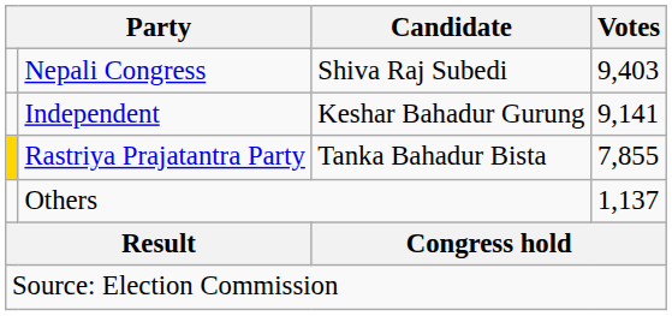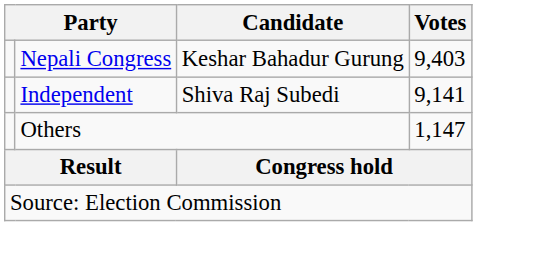 <table class="wikitable">
 <tr>
 <th colspan="2">Party</th>
 <th>Candidate</th>
 <th>Votes</th>
 </tr>
 <tr>
 <td style="background-color:"></td>
 <td><a href='#'>Nepali Congress</a></td>
-<td>Shiva Raj Subedi</td>
+<td>Keshar Bahadur Gurung</td>
 <td>9,403</td>
 </tr>
 <tr>
 <td style="background-color:"></td>
 <td><a href='#'>Independent</a></td>
-<td>Keshar Bahadur Gurung</td>
+<td>Shiva Raj Subedi</td>
 <td>9,141</td>
-</tr>
-<tr>
-<td style="background-color:gold"></td>
-<td><a href='#'>Rastriya Prajatantra Party</a></td>
-<td>Tanka Bahadur Bista</td>
-<td>7,855</td>
 </tr>
 <tr>
 <td></td>
 <td colspan="2">Others</td>
-<td>1,137</td>
+<td>1,147</td>
 </tr>
 <tr>
 <th colspan="2">Result</th>
 <th colspan="2">Congress hold</th>
 </tr>
 <tr>
 <td colspan="4">Source: Election Commission</td>
 </tr>
 </table>
